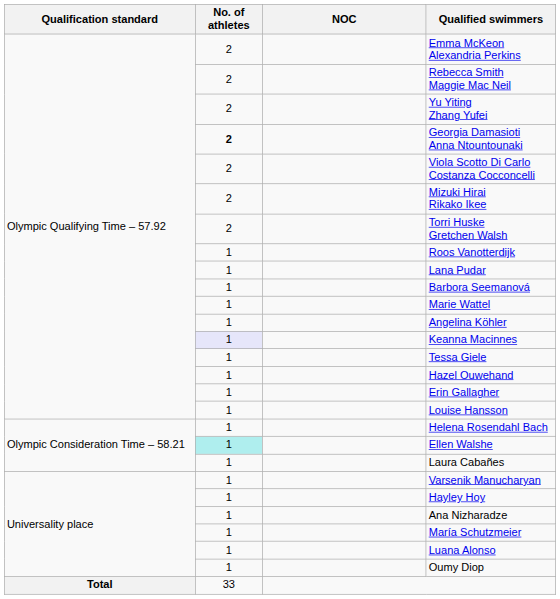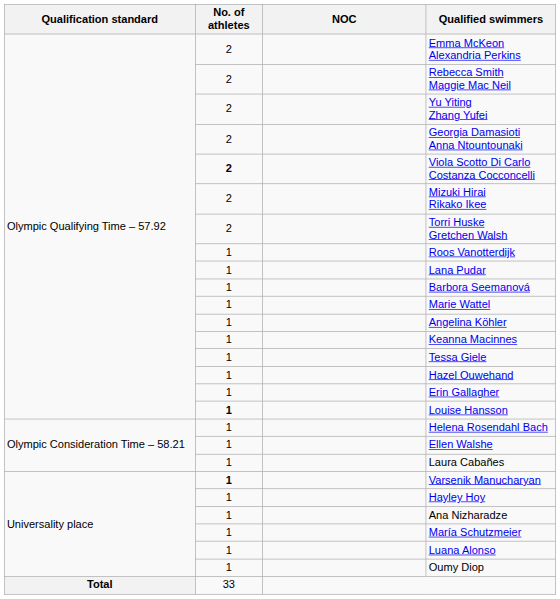 <table class=wikitable style="text-align:left" width=800>
 <tr>
 <th scope="col">Qualification standard</th>
 <th scope="col" width =90>No. of athletes</th>
 <th scope="col" width =230>NOC</th>
 <th scope="col">Qualified swimmers</th>
 </tr>
 <tr>
 <td rowspan=17>Olympic Qualifying Time – 57.92</td>
 <td align=center>2</td>
 <td></td>
 <td><a href='#'>Emma McKeon</a><br><a href='#'>Alexandria Perkins</a></td>
 </tr>
 <tr>
 <td align=center>2</td>
 <td></td>
 <td><a href='#'>Rebecca Smith</a><br><a href='#'>Maggie Mac Neil</a></td>
 </tr>
 <tr>
 <td align=center>2</td>
 <td></td>
 <td><a href='#'>Yu Yiting</a><br><a href='#'>Zhang Yufei</a></td>
 </tr>
 <tr>
-<td align=center><strong>2</strong></td>
+<td align=center>2</td>
 <td></td>
 <td><a href='#'>Georgia Damasioti</a><br><a href='#'>Anna Ntountounaki</a></td>
 </tr>
 <tr>
-<td align=center>2</td>
+<td align=center><strong>2</strong></td>
 <td></td>
 <td><a href='#'>Viola Scotto Di Carlo</a><br><a href='#'>Costanza Cocconcelli</a></td>
 </tr>
 <tr>
 <td align=center>2</td>
 <td></td>
 <td><a href='#'>Mizuki Hirai</a><br><a href='#'>Rikako Ikee</a></td>
 </tr>
 <tr>
 <td align=center>2</td>
 <td></td>
 <td><a href='#'>Torri Huske</a><br><a href='#'>Gretchen Walsh</a></td>
 </tr>
 <tr>
 <td align=center>1</td>
 <td></td>
 <td><a href='#'>Roos Vanotterdijk</a></td>
 </tr>
 <tr>
 <td align=center>1</td>
 <td></td>
 <td><a href='#'>Lana Pudar</a></td>
 </tr>
 <tr>
 <td align=center>1</td>
 <td></td>
 <td><a href='#'>Barbora Seemanová</a></td>
 </tr>
 <tr>
 <td align=center>1</td>
 <td></td>
 <td><a href='#'>Marie Wattel</a></td>
 </tr>
 <tr>
 <td align=center>1</td>
 <td></td>
 <td><a href='#'>Angelina Köhler</a></td>
 </tr>
 <tr>
-<td align=center style="background: lavender;">1</td>
+<td align=center>1</td>
 <td></td>
 <td><a href='#'>Keanna Macinnes</a></td>
 </tr>
 <tr>
 <td align=center>1</td>
 <td></td>
 <td><a href='#'>Tessa Giele</a></td>
 </tr>
 <tr>
 <td align=center>1</td>
 <td></td>
 <td><a href='#'>Hazel Ouwehand</a></td>
 </tr>
 <tr>
 <td align=center>1</td>
 <td></td>
 <td><a href='#'>Erin Gallagher</a></td>
 </tr>
 <tr>
-<td align=center>1</td>
+<td align=center><strong>1</strong></td>
 <td></td>
 <td><a href='#'>Louise Hansson</a></td>
 </tr>
 <tr>
 <td rowspan=3>Olympic Consideration Time – 58.21</td>
 <td align=center>1</td>
 <td></td>
 <td><a href='#'>Helena Rosendahl Bach</a></td>
 </tr>
 <tr>
-<td align=center style="background: paleturquoise;">1</td>
+<td align=center>1</td>
 <td></td>
 <td><a href='#'>Ellen Walshe</a></td>
 </tr>
 <tr>
 <td align=center>1</td>
 <td></td>
 <td>Laura Cabañes</td>
 </tr>
 <tr>
 <td rowspan=6>Universality place</td>
-<td align=center>1</td>
+<td align=center><strong>1</strong></td>
 <td></td>
 <td><a href='#'>Varsenik Manucharyan</a></td>
 </tr>
 <tr>
 <td align=center>1</td>
 <td></td>
 <td><a href='#'>Hayley Hoy</a></td>
 </tr>
 <tr>
 <td align=center>1</td>
 <td></td>
 <td>Ana Nizharadze</td>
 </tr>
 <tr>
 <td align=center>1</td>
 <td></td>
 <td><a href='#'>María Schutzmeier</a></td>
 </tr>
 <tr>
 <td align=center>1</td>
 <td></td>
 <td><a href='#'>Luana Alonso</a></td>
 </tr>
 <tr>
 <td align=center>1</td>
 <td></td>
 <td>Oumy Diop</td>
 </tr>
 <tr>
 <th scope="row">Total</th>
 <td align=center>33</td>
 <td colspan=2></td>
 </tr>
 </table>
